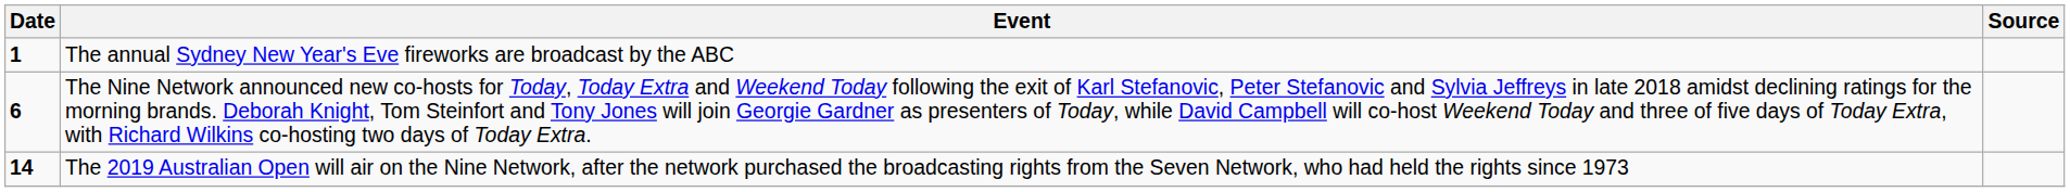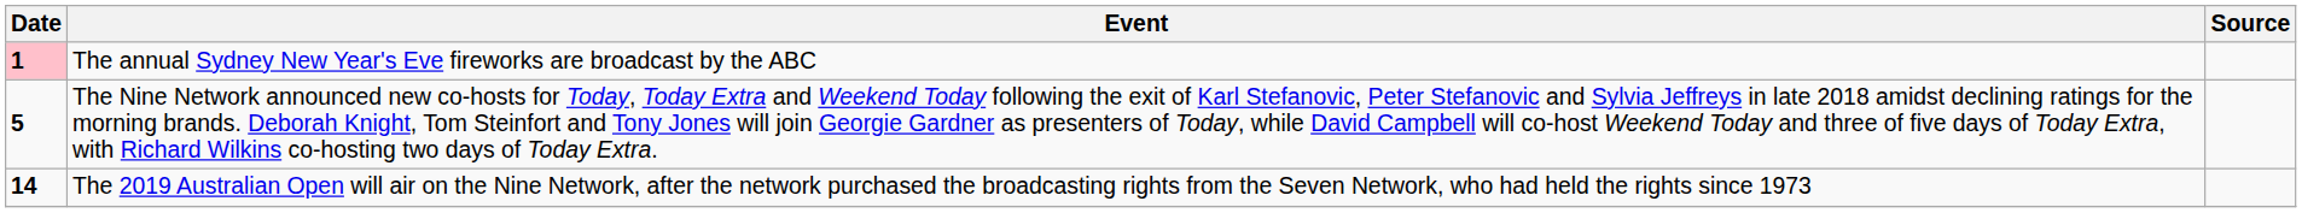 <table class="wikitable">
 <tr>
 <th>Date</th>
 <th>Event</th>
 <th>Source</th>
 </tr>
 <tr>
-<td><strong>1</strong></td>
+<td style="background: pink;"><strong>1</strong></td>
 <td>The annual <a href='#'>Sydney New Year's Eve</a> fireworks are broadcast by the ABC</td>
 <td></td>
 </tr>
 <tr>
-<td><strong>6</strong></td>
+<td><strong>5</strong></td>
 <td>The Nine Network announced new co-hosts for <em><a href='#'>Today</a></em>, <em><a href='#'>Today Extra</a></em> and <em><a href='#'>Weekend Today</a></em> following the exit of <a href='#'>Karl Stefanovic</a>, <a href='#'>Peter Stefanovic</a> and <a href='#'>Sylvia Jeffreys</a> in late 2018 amidst declining ratings for the morning brands. <a href='#'>Deborah Knight</a>, Tom Steinfort and <a href='#'>Tony Jones</a> will join <a href='#'>Georgie Gardner</a> as presenters of <em>Today</em>, while <a href='#'>David Campbell</a> will co-host <em>Weekend Today</em> and three of five days of <em>Today Extra</em>, with <a href='#'>Richard Wilkins</a> co-hosting two days of <em>Today Extra</em>.</td>
 <td></td>
 </tr>
 <tr>
 <td><strong>14</strong></td>
 <td>The <a href='#'>2019 Australian Open</a> will air on the Nine Network, after the network purchased the broadcasting rights from the Seven Network, who had held the rights since 1973</td>
 <td></td>
 </tr>
 <tr>
 </tr>
 </table>
